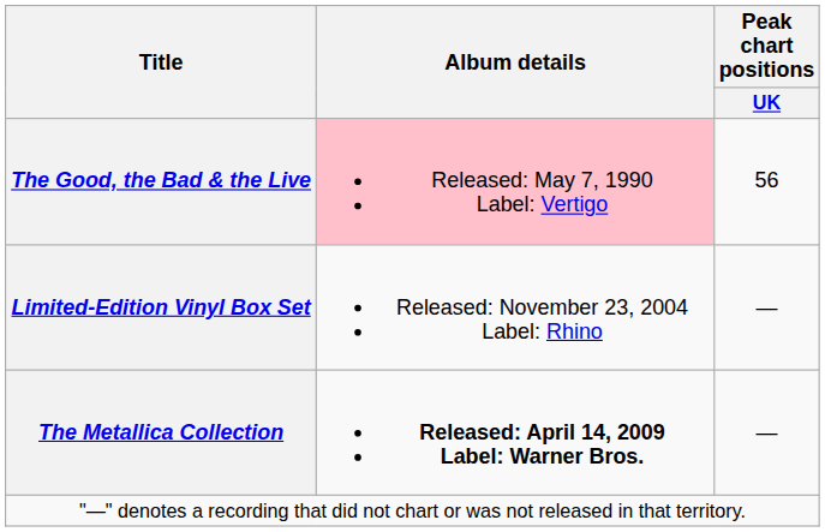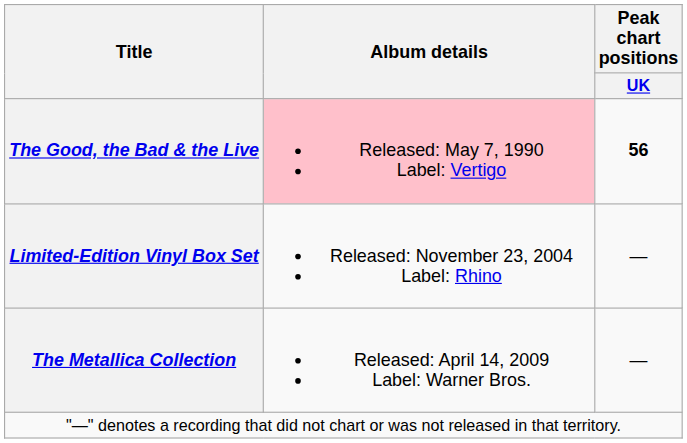 <table class="wikitable plainrowheaders" style="text-align:center;" border="1">
 <tr>
 <th scope="col" rowspan="2" style="width:14em;">Title</th>
 <th scope="col" rowspan="2" style="width:18em;">Album details</th>
 <th scope="col" colspan="1">Peak chart positions</th>
 </tr>
 <tr>
 <th scope="col" style="width:2em;font-size:90%;"><a href='#'>UK</a><br></th>
 </tr>
 <tr>
 <th scope="row"><em><a href='#'>The Good, the Bad & the Live</a></em></th>
 <td style="background: pink;"><br><ul><li>Released: May 7, 1990</li><li>Label: <a href='#'>Vertigo</a></li></ul></td>
-<td>56</td>
+<td><strong>56</strong></td>
 </tr>
 <tr>
 <th scope="row"><em><a href='#'>Limited-Edition Vinyl Box Set</a></em></th>
 <td><br><ul><li>Released: November 23, 2004</li><li>Label: <a href='#'>Rhino</a></li></ul></td>
 <td>—</td>
 </tr>
 <tr>
 <th scope="row"><em><a href='#'>The Metallica Collection</a></em></th>
-<td><strong><br><ul><li>Released: April 14, 2009</li><li>Label: Warner Bros.</li></ul></strong></td>
+<td><br><ul><li>Released: April 14, 2009</li><li>Label: Warner Bros.</li></ul></td>
 <td>—</td>
 </tr>
 <tr>
 <td colspan="14" style="font-size:90%">"—" denotes a recording that did not chart or was not released in that territory.</td>
 </tr>
 </table>
